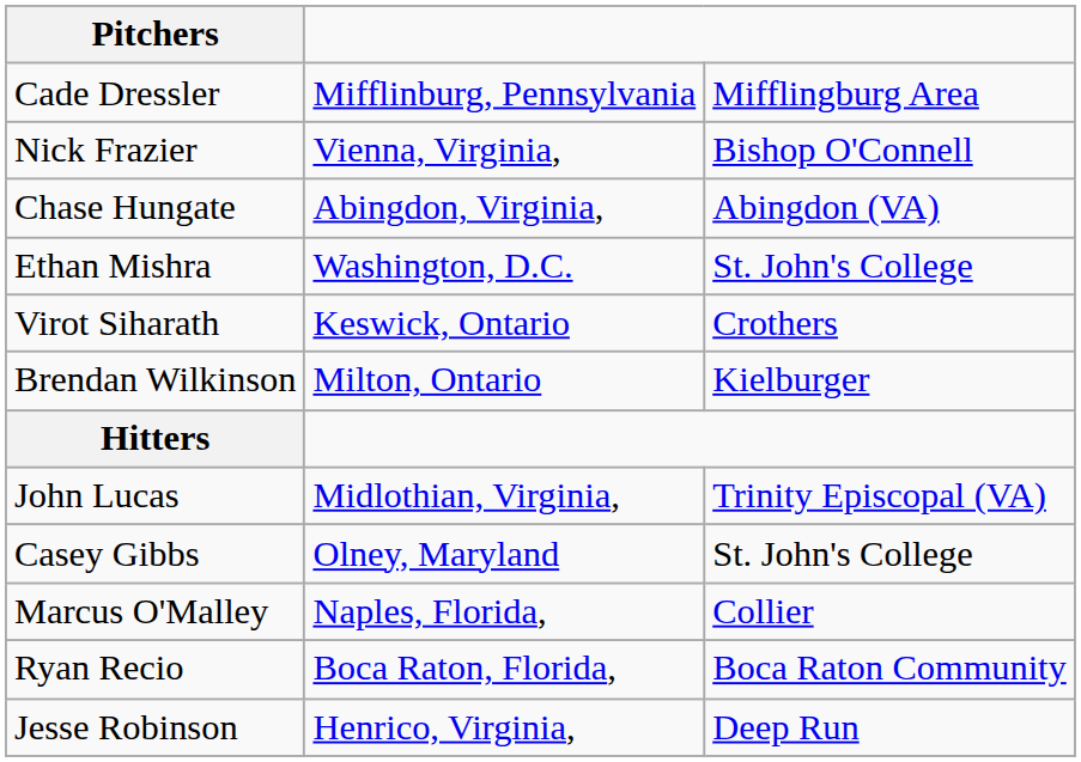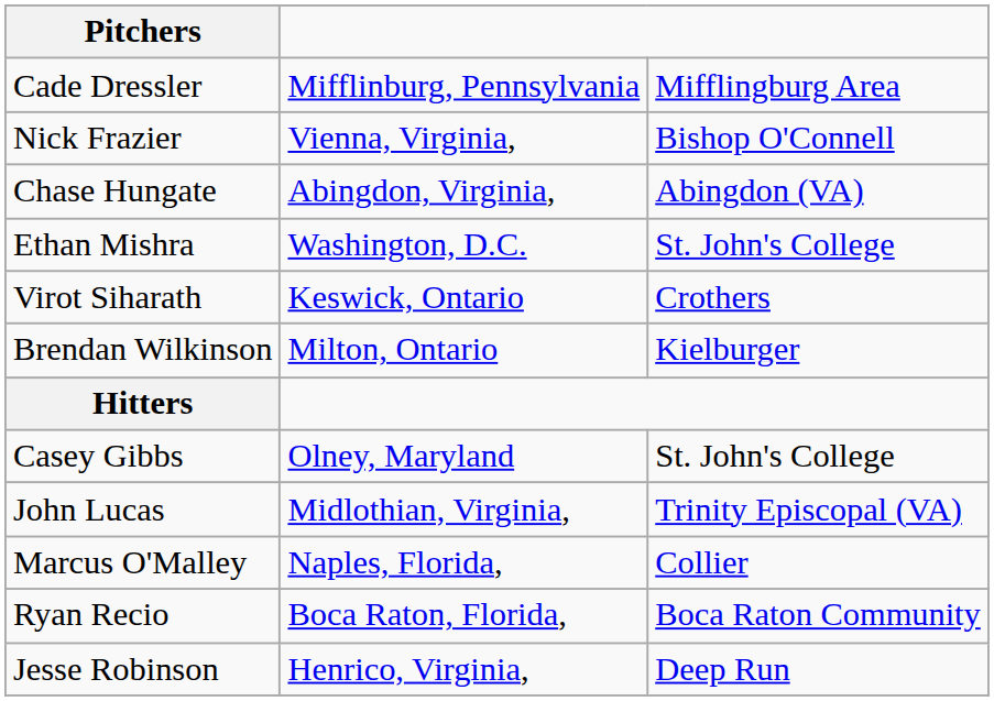 <table class="wikitable">
 <tr>
 <th>Pitchers</th>
 </tr>
 <tr>
 <td>Cade Dressler</td>
 <td><a href='#'>Mifflinburg, Pennsylvania</a></td>
 <td><a href='#'>Mifflingburg Area</a></td>
 </tr>
 <tr>
 <td>Nick Frazier</td>
 <td><a href='#'>Vienna, Virginia</a>,</td>
 <td><a href='#'>Bishop O'Connell</a></td>
 </tr>
 <tr>
 <td>Chase Hungate</td>
 <td><a href='#'>Abingdon, Virginia</a>,</td>
 <td><a href='#'>Abingdon (VA)</a></td>
 </tr>
 <tr>
 <td>Ethan Mishra</td>
 <td><a href='#'>Washington, D.C.</a></td>
 <td><a href='#'>St. John's College</a></td>
 </tr>
 <tr>
 <td>Virot Siharath</td>
 <td><a href='#'>Keswick, Ontario</a></td>
 <td><a href='#'>Crothers</a></td>
 </tr>
 <tr>
 <td>Brendan Wilkinson</td>
 <td><a href='#'>Milton, Ontario</a></td>
 <td><a href='#'>Kielburger</a></td>
 </tr>
 <tr>
 <th>Hitters</th>
 </tr>
 <tr>
+<td>Casey Gibbs</td>
+<td><a href='#'>Olney, Maryland</a></td>
+<td>St. John's College</td>
+</tr>
+<tr>
 <td>John Lucas</td>
 <td><a href='#'>Midlothian, Virginia</a>,</td>
 <td><a href='#'>Trinity Episcopal (VA)</a></td>
-</tr>
-<tr>
-<td>Casey Gibbs</td>
-<td><a href='#'>Olney, Maryland</a></td>
-<td>St. John's College</td>
 </tr>
 <tr>
 <td>Marcus O'Malley</td>
 <td><a href='#'>Naples, Florida</a>,</td>
 <td><a href='#'>Collier</a></td>
 </tr>
 <tr>
 <td>Ryan Recio</td>
 <td><a href='#'>Boca Raton, Florida</a>,</td>
 <td><a href='#'>Boca Raton Community</a></td>
 </tr>
 <tr>
 <td>Jesse Robinson</td>
 <td><a href='#'>Henrico, Virginia</a>,</td>
 <td><a href='#'>Deep Run</a></td>
 </tr>
 </table>
